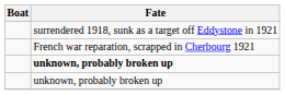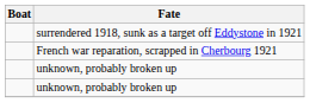 <table class="wikitable">
 <tr>
 <th>Boat</th>
 <th>Fate</th>
 </tr>
 <tr>
 <td></td>
 <td>surrendered 1918, sunk as a target off <a href='#'>Eddystone</a> in 1921</td>
 </tr>
 <tr>
 <td></td>
 <td>French war reparation, scrapped in <a href='#'>Cherbourg</a> 1921</td>
 </tr>
 <tr>
 <td></td>
-<td><strong>unknown, probably broken up</strong></td>
+<td>unknown, probably broken up</td>
 </tr>
 <tr>
 <td></td>
 <td>unknown, probably broken up</td>
 </tr>
 <tr>
 </tr>
 </table>
